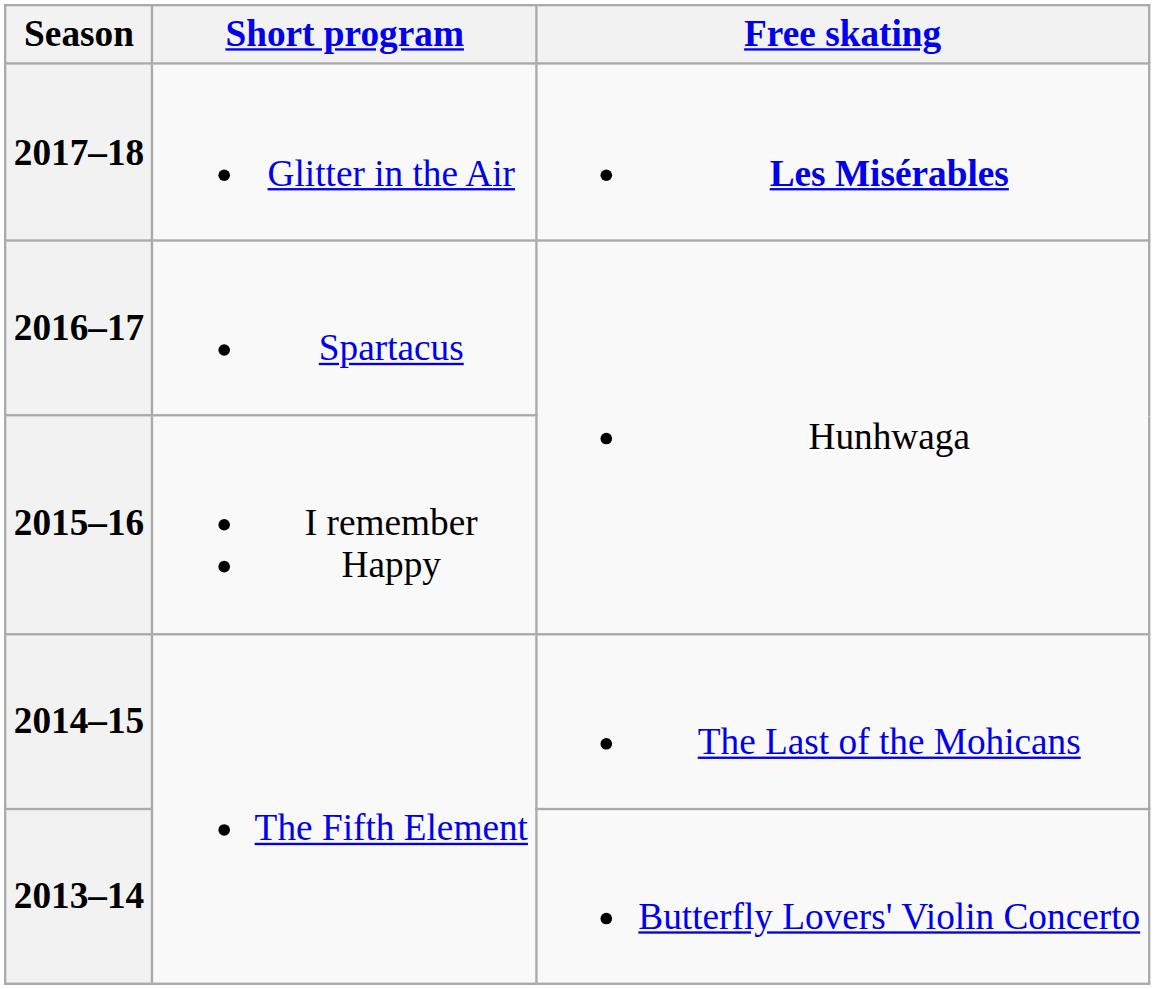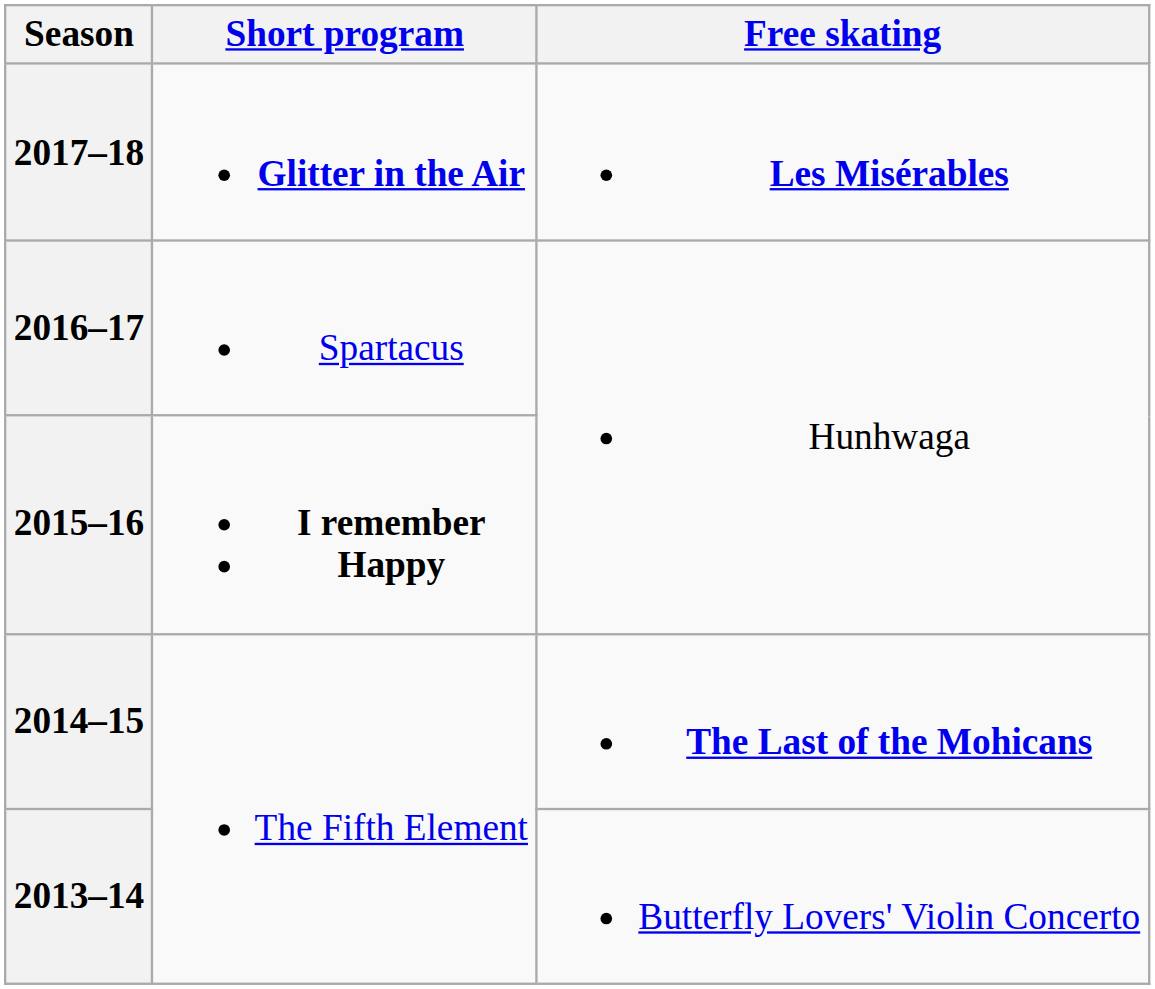 <table class=wikitable style=text-align:center>
 <tr>
 <th>Season</th>
 <th><a href='#'>Short program</a></th>
 <th><a href='#'>Free skating</a></th>
 </tr>
 <tr>
 <th>2017–18 <br></th>
-<td><br><ul><li><a href='#'>Glitter in the Air</a> <br></li></ul></td>
+<td><strong><br><ul><li><a href='#'>Glitter in the Air</a> <br></li></ul></strong></td>
 <td><strong><br><ul><li><a href='#'>Les Misérables</a> <br></li></ul></strong></td>
 </tr>
 <tr>
 <th>2016–17 <br> </th>
 <td><br><ul><li><a href='#'>Spartacus</a> <br></li></ul></td>
 <td rowspan=2><br><ul><li>Hunhwaga <br> <br></li></ul></td>
 </tr>
 <tr>
 <th>2015–16 <br> </th>
-<td><br><ul><li>I remember</li><li>Happy <br></li></ul></td>
+<td><strong><br><ul><li>I remember</li><li>Happy <br></li></ul></strong></td>
 </tr>
 <tr>
 <th>2014–15</th>
 <td rowspan=2><br><ul><li><a href='#'>The Fifth Element</a> <br></li></ul></td>
-<td><br><ul><li><a href='#'>The Last of the Mohicans</a> <br></li></ul></td>
+<td><strong><br><ul><li><a href='#'>The Last of the Mohicans</a> <br></li></ul></strong></td>
 </tr>
 <tr>
 <th>2013–14</th>
 <td><br><ul><li><a href='#'>Butterfly Lovers' Violin Concerto</a></li></ul></td>
 </tr>
 </table>
